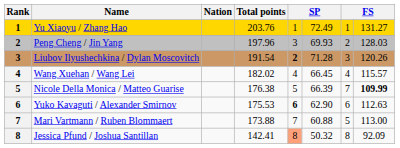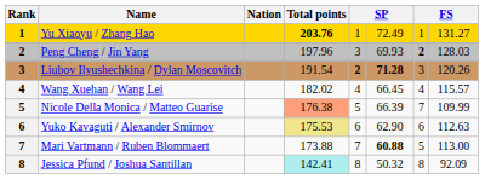 <table class="wikitable sortable">
 <tr>
 <th>Rank</th>
 <th>Name</th>
 <th>Nation</th>
 <th>Total points</th>
 <th colspan="2" width="80px"><a href='#'>SP</a></th>
 <th colspan="2" width="80px"><a href='#'>FS</a></th>
 </tr>
 <tr bgcolor="gold">
 <td align="center"><strong>1</strong></td>
 <td><a href='#'>Yu Xiaoyu</a> / <a href='#'>Zhang Hao</a></td>
 <td></td>
-<td align="center">203.76</td>
+<td align="center"><strong>203.76</strong></td>
 <td align="center">1</td>
 <td align="center">72.49</td>
 <td align="center">1</td>
 <td align="center">131.27</td>
 </tr>
 <tr bgcolor="silver">
 <td align="center"><strong>2</strong></td>
 <td><a href='#'>Peng Cheng</a> / <a href='#'>Jin Yang</a></td>
 <td></td>
 <td align="center">197.96</td>
 <td align="center">3</td>
 <td align="center">69.93</td>
-<td align="center">2</td>
+<td align="center"><strong>2</strong></td>
 <td align="center">128.03</td>
 </tr>
 <tr bgcolor="cc9966">
 <td align="center"><strong>3</strong></td>
 <td><a href='#'>Liubov Ilyushechkina</a> / <a href='#'>Dylan Moscovitch</a></td>
 <td></td>
 <td align="center">191.54</td>
 <td align="center"><strong>2</strong></td>
-<td align="center">71.28</td>
+<td align="center"><strong>71.28</strong></td>
 <td align="center">3</td>
 <td align="center">120.26</td>
 </tr>
 <tr>
 <th>4</th>
 <td><a href='#'>Wang Xuehan</a> / <a href='#'>Wang Lei</a></td>
 <td></td>
 <td align="center">182.02</td>
 <td align="center">4</td>
 <td align="center">66.45</td>
 <td align="center">4</td>
 <td align="center">115.57</td>
 </tr>
 <tr>
 <th>5</th>
 <td><a href='#'>Nicole Della Monica</a> / <a href='#'>Matteo Guarise</a></td>
 <td></td>
-<td align="center">176.38</td>
+<td align="center" style="background: lightsalmon;">176.38</td>
 <td align="center">5</td>
 <td align="center">66.39</td>
 <td align="center">7</td>
-<td align="center"><strong>109.99</strong></td>
+<td align="center">109.99</td>
 </tr>
 <tr>
 <th>6</th>
 <td><a href='#'>Yuko Kavaguti</a> / <a href='#'>Alexander Smirnov</a></td>
 <td></td>
-<td align="center">175.53</td>
-<td align="center"><strong>6</strong></td>
+<td align="center" style="background: khaki;">175.53</td>
+<td align="center">6</td>
 <td align="center">62.90</td>
 <td align="center">6</td>
 <td align="center">112.63</td>
 </tr>
 <tr>
 <th>7</th>
 <td><a href='#'>Mari Vartmann</a> / <a href='#'>Ruben Blommaert</a></td>
 <td></td>
 <td align="center">173.88</td>
 <td align="center">7</td>
-<td align="center">60.88</td>
+<td align="center"><strong>60.88</strong></td>
 <td align="center">5</td>
 <td align="center">113.00</td>
 </tr>
 <tr>
 <th>8</th>
 <td><a href='#'>Jessica Pfund</a> / <a href='#'>Joshua Santillan</a></td>
 <td></td>
-<td align="center">142.41</td>
-<td align="center" style="background: lightsalmon;">8</td>
+<td align="center" style="background: paleturquoise;">142.41</td>
+<td align="center">8</td>
 <td align="center">50.32</td>
 <td align="center">8</td>
 <td align="center">92.09</td>
 </tr>
 </table>
